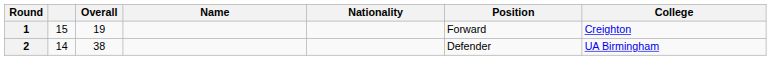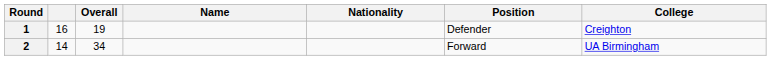 <table class="wikitable sortable" style="width:90%">
 <tr>
 <th scope="col" style="width: 3%;">Round</th>
 <th scope="col" style="width: 3%;"></th>
 <th scope="col" style="width: 4%;">Overall</th>
 <th scope="col" style="width: 20%;">Name</th>
 <th scope="col" style="width: 15%;">Nationality</th>
 <th scope="col" style="width: 15%;">Position</th>
 <th scope="col" style="width: 20%;">College</th>
 </tr>
 <tr>
 <th scope="row">1</th>
-<td align="center">15</td>
+<td align="center">16</td>
 <td align="center">19</td>
 <td></td>
 <td></td>
-<td>Forward</td>
+<td>Defender</td>
 <td><a href='#'>Creighton</a></td>
 </tr>
 <tr>
 <th scope="row">2</th>
 <td align="center">14</td>
-<td align="center">38</td>
+<td align="center">34</td>
 <td></td>
 <td></td>
-<td>Defender</td>
+<td>Forward</td>
 <td><a href='#'>UA Birmingham</a></td>
 </tr>
 </table>
